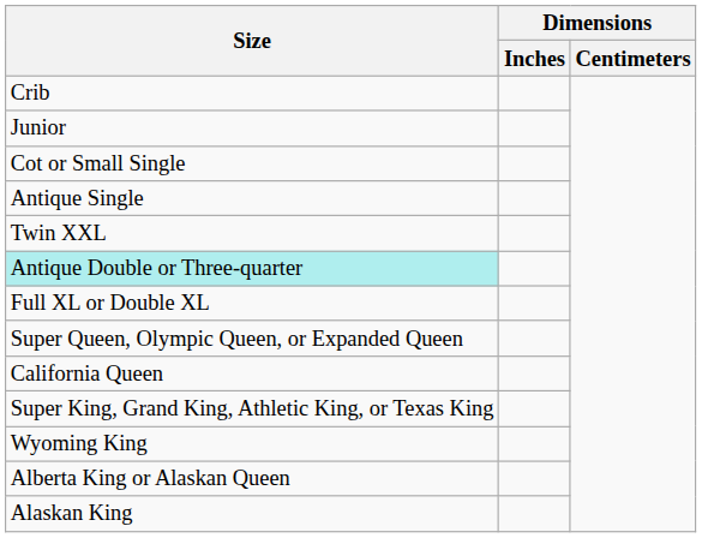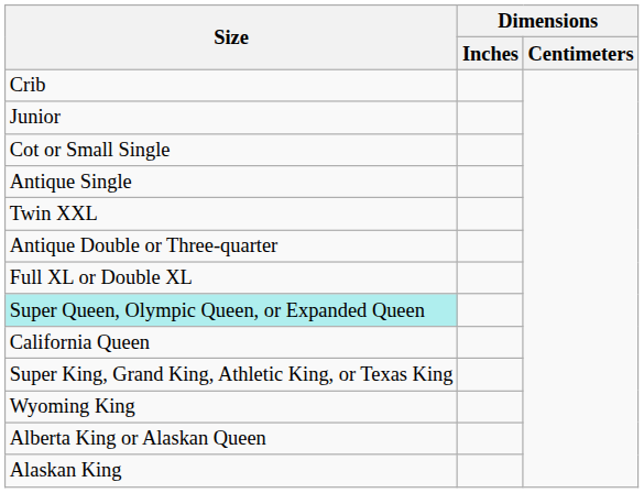 <table class="wikitable">
 <tr>
 <th rowspan="2" scope="col">Size</th>
 <th colspan="2" scope="col">Dimensions</th>
 </tr>
 <tr>
 <th>Inches</th>
 <th>Centimeters</th>
 </tr>
 <tr>
 <td>Crib</td>
 <td></td>
 </tr>
 <tr>
 <td>Junior</td>
 <td></td>
 </tr>
 <tr>
 <td>Cot or Small Single</td>
 <td></td>
 </tr>
 <tr>
 <td>Antique Single</td>
 <td></td>
 </tr>
 <tr>
 <td>Twin XXL</td>
 <td></td>
 </tr>
 <tr>
-<td style="background: paleturquoise;">Antique Double or Three-quarter</td>
+<td>Antique Double or Three-quarter</td>
 <td></td>
 </tr>
 <tr>
 <td>Full XL or Double XL</td>
 <td></td>
 </tr>
 <tr>
-<td>Super Queen, Olympic Queen, or Expanded Queen</td>
+<td style="background: paleturquoise;">Super Queen, Olympic Queen, or Expanded Queen</td>
 <td></td>
 </tr>
 <tr>
 <td>California Queen</td>
 <td></td>
 </tr>
 <tr>
 <td>Super King, Grand King, Athletic King, or Texas King</td>
 <td></td>
 </tr>
 <tr>
 <td>Wyoming King</td>
 <td></td>
 </tr>
 <tr>
 <td>Alberta King or Alaskan Queen</td>
 <td></td>
 </tr>
 <tr>
 <td>Alaskan King</td>
 <td></td>
 </tr>
 </table>
